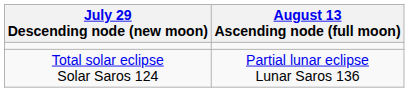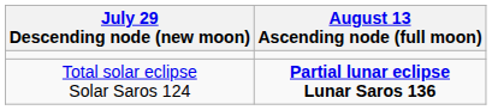 <table class="wikitable">
 <tr>
 <th><a href='#'>July 29</a><br>Descending node (new moon)<br></th>
 <th><a href='#'>August 13</a><br>Ascending node (full moon)<br></th>
 </tr>
 <tr>
 <td></td>
 <td></td>
 </tr>
 <tr align=center>
 <td><a href='#'>Total solar eclipse</a><br>Solar Saros 124</td>
-<td><a href='#'>Partial lunar eclipse</a><br>Lunar Saros 136</td>
+<td><strong><a href='#'>Partial lunar eclipse</a><br>Lunar Saros 136</strong></td>
 </tr>
 </table>
